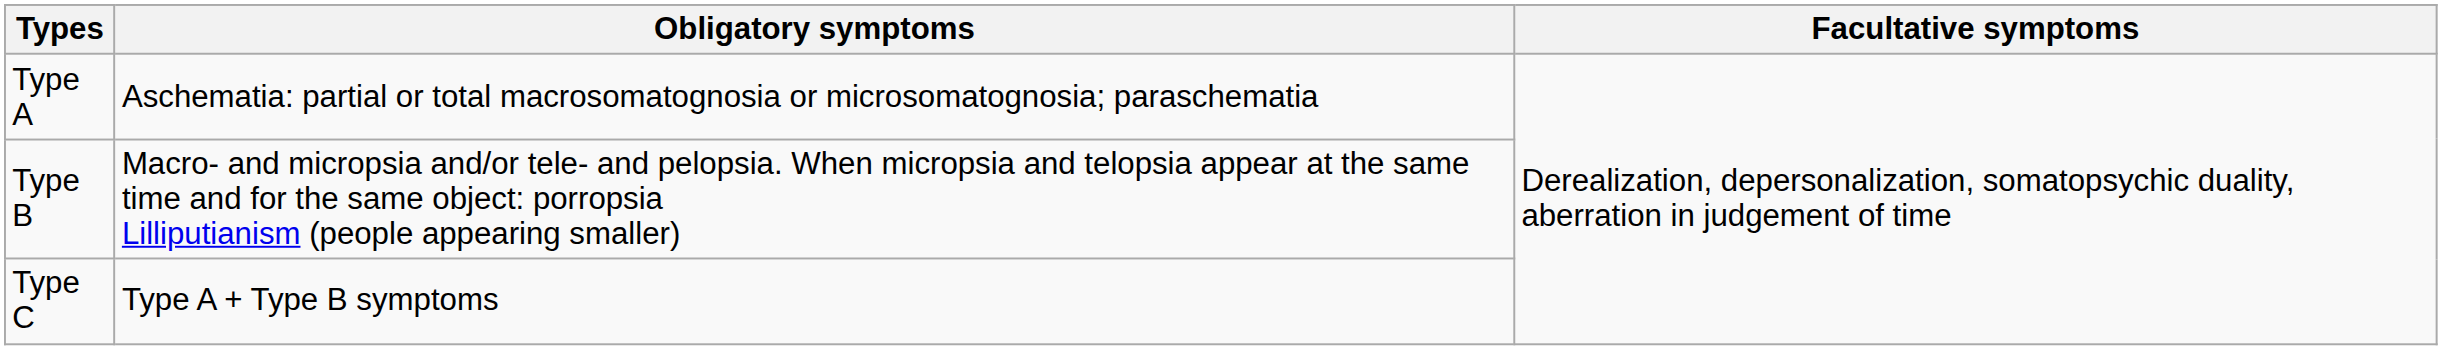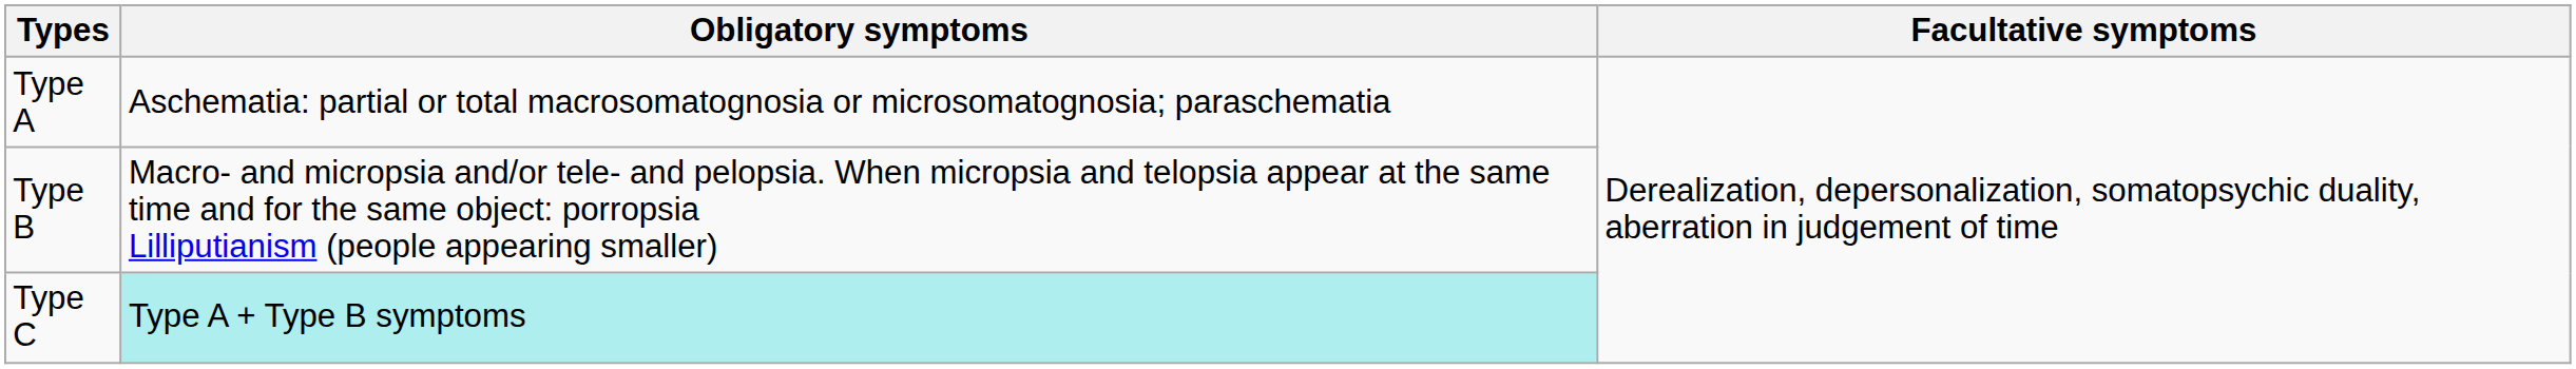 <table class="wikitable">
 <tr>
 <th>Types</th>
 <th>Obligatory symptoms</th>
 <th>Facultative symptoms</th>
 </tr>
 <tr>
 <td>Type A</td>
 <td>Aschematia: partial or total macrosomatognosia or microsomatognosia; paraschematia</td>
 <td rowspan="3">Derealization, depersonalization, somatopsychic duality, aberration in judgement of time</td>
 </tr>
 <tr>
 <td>Type B</td>
 <td>Macro- and micropsia and/or tele- and pelopsia. When micropsia and telopsia appear at the same time and for the same object: porropsia<br><a href='#'>Lilliputianism</a> (people appearing smaller)</td>
 </tr>
 <tr>
 <td>Type C</td>
-<td>Type A + Type B symptoms</td>
+<td style="background: paleturquoise;">Type A + Type B symptoms</td>
 </tr>
 </table>
